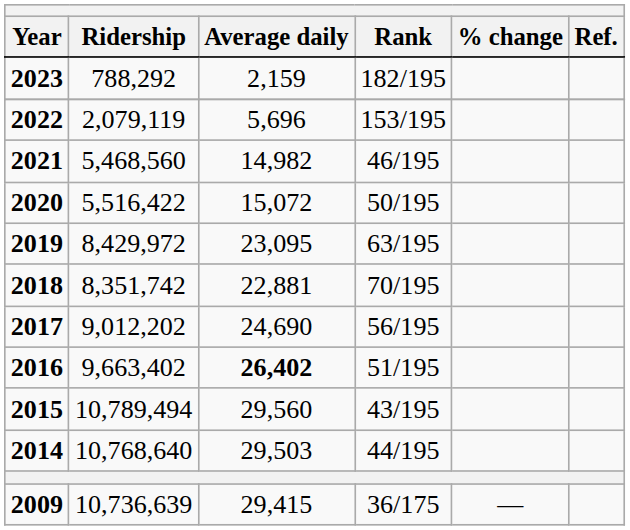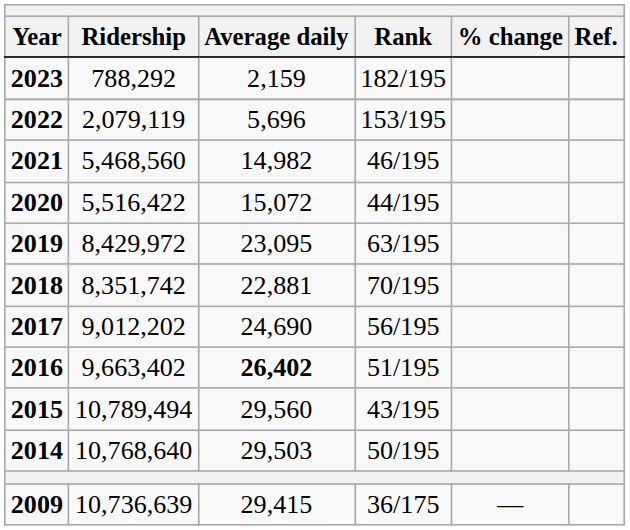 <table class="wikitable sortable" style="text-align:right;">
 <tr>
 <th colspan="6" style="background-color:#"></th>
 </tr>
 <tr style="font-size:95%; text-align:center">
 <th style="border-bottom:1px solid black">Year</th>
 <th style="border-bottom:1px solid black">Ridership</th>
 <th style="border-bottom:1px solid black">Average daily</th>
 <th style="border-bottom:1px solid black">Rank</th>
 <th style="border-bottom:1px solid black">% change</th>
 <th style="border-bottom:1px solid black">Ref.</th>
 </tr>
 <tr style="text-align:center;">
 <td><strong>2023</strong></td>
 <td>788,292</td>
 <td>2,159</td>
 <td>182/195</td>
 <td></td>
 <td></td>
 </tr>
 <tr>
 </tr>
 <tr style="text-align:center;">
 <td><strong>2022</strong></td>
 <td>2,079,119</td>
 <td>5,696</td>
 <td>153/195</td>
 <td></td>
 <td></td>
 </tr>
 <tr style="text-align:center;">
 <td><strong>2021</strong></td>
 <td>5,468,560</td>
 <td>14,982</td>
 <td>46/195</td>
 <td></td>
 <td></td>
 </tr>
 <tr style="text-align:center;">
 <td><strong>2020</strong></td>
 <td>5,516,422</td>
 <td>15,072</td>
-<td>50/195</td>
+<td>44/195</td>
 <td></td>
 <td></td>
 </tr>
 <tr style="text-align:center;">
 <td><strong>2019</strong></td>
 <td>8,429,972</td>
 <td>23,095</td>
 <td>63/195</td>
 <td></td>
 <td></td>
 </tr>
 <tr style="text-align:center;">
 <td><strong>2018</strong></td>
 <td>8,351,742</td>
 <td>22,881</td>
 <td>70/195</td>
 <td></td>
 <td></td>
 </tr>
 <tr style="text-align:center;">
 <td><strong>2017</strong></td>
 <td>9,012,202</td>
 <td>24,690</td>
 <td>56/195</td>
 <td></td>
 <td></td>
 </tr>
 <tr style="text-align:center;">
 <td><strong>2016</strong></td>
 <td>9,663,402</td>
 <td><strong>26,402</strong></td>
 <td>51/195</td>
 <td></td>
 <td></td>
 </tr>
 <tr style="text-align:center;">
 <td><strong>2015</strong></td>
 <td>10,789,494</td>
 <td>29,560</td>
 <td>43/195</td>
 <td></td>
 <td></td>
 </tr>
 <tr style="text-align:center;">
 <td><strong>2014</strong></td>
 <td>10,768,640</td>
 <td>29,503</td>
-<td>44/195</td>
+<td>50/195</td>
 <td></td>
 <td></td>
 </tr>
 <tr>
 <th colspan="6" style="background-color:#"></th>
 </tr>
 <tr style="text-align:center;">
 <td><strong>2009</strong></td>
 <td>10,736,639</td>
 <td>29,415</td>
 <td>36/175</td>
 <td>—</td>
 <td></td>
 </tr>
 </table>
